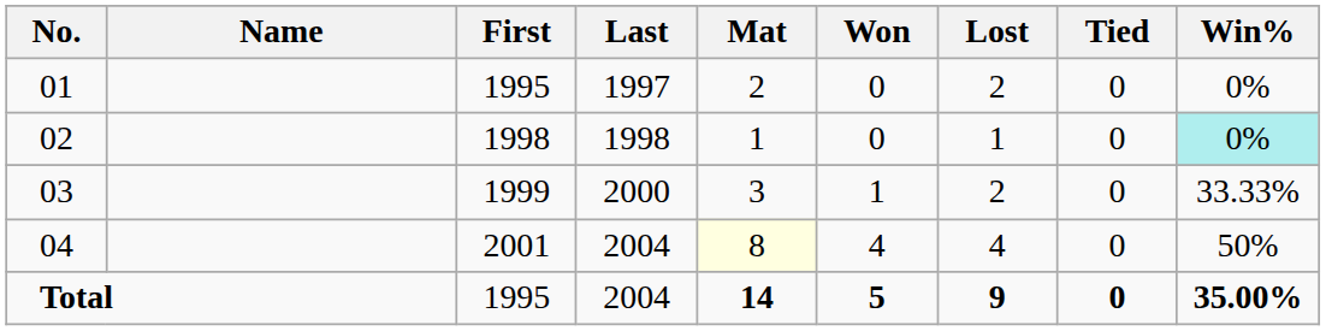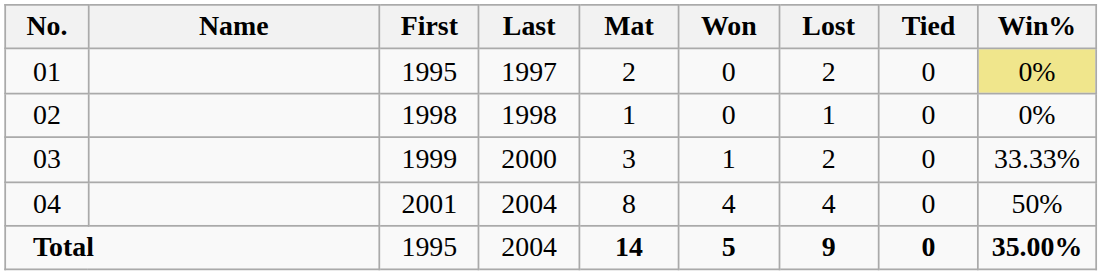 <table class="wikitable sortable" style="margin: 1em auto 1em auto">
 <tr>
 <th width="40">No.</th>
 <th width="160">Name</th>
 <th width="50">First</th>
 <th width="50">Last</th>
 <th width="50">Mat</th>
 <th width="50">Won</th>
 <th width="50">Lost</th>
 <th width="50">Tied</th>
 <th width="60">Win%</th>
 </tr>
 <tr align=center>
 <td><span>0</span>1</td>
 <td align=left></td>
 <td>1995</td>
 <td>1997</td>
 <td>2</td>
 <td>0</td>
 <td>2</td>
 <td>0</td>
-<td>0%</td>
+<td style="background: khaki;">0%</td>
 </tr>
 <tr align=center>
 <td><span>0</span>2</td>
 <td align=left></td>
 <td>1998</td>
 <td>1998</td>
 <td>1</td>
 <td>0</td>
 <td>1</td>
 <td>0</td>
-<td style="background: paleturquoise;">0%</td>
+<td>0%</td>
 </tr>
 <tr align=center>
 <td><span>0</span>3</td>
 <td align=left></td>
 <td>1999</td>
 <td>2000</td>
 <td>3</td>
 <td>1</td>
 <td>2</td>
 <td>0</td>
 <td>33.33%</td>
 </tr>
 <tr align=center>
 <td><span>0</span>4</td>
 <td align=left></td>
 <td>2001</td>
 <td>2004</td>
-<td style="background: lightyellow;">8</td>
+<td>8</td>
 <td>4</td>
 <td>4</td>
 <td>0</td>
 <td>50%</td>
 </tr>
 <tr class="sortbottom" align=center>
 <td colspan=2 align=left><strong>   Total</strong></td>
 <td>1995</td>
 <td>2004</td>
 <td><strong>14</strong></td>
 <td><strong>5</strong></td>
 <td><strong>9</strong></td>
 <td><strong>0</strong></td>
 <td><strong>35.00%</strong></td>
 </tr>
 </table>
